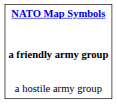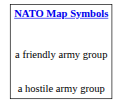 <table class="floatright" style="border:1px solid black; background:white;float: right;text-align: center" cellpadding="3">
 <tr>
 <th><a href='#'>NATO Map Symbols</a></th>
 </tr>
 <tr>
 <td></td>
 </tr>
 <tr>
 </tr>
 <tr>
 <td><br></td>
 </tr>
 <tr>
-<td><strong>a friendly army group</strong></td>
+<td>a friendly army group</td>
 </tr>
 <tr>
 <td><br></td>
 </tr>
 <tr>
 <td>a hostile army group</td>
 </tr>
 </table>
